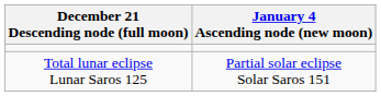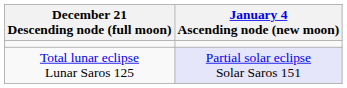 <table class="wikitable">
 <tr>
 <th>December 21<br>Descending node (full moon)<br></th>
 <th><a href='#'>January 4</a><br>Ascending node (new moon)<br></th>
 </tr>
 <tr>
 <td></td>
 <td></td>
 </tr>
 <tr align=center>
 <td><a href='#'>Total lunar eclipse</a><br>Lunar Saros 125</td>
-<td><a href='#'>Partial solar eclipse</a><br>Solar Saros 151</td>
+<td style="background: lavender;"><a href='#'>Partial solar eclipse</a><br>Solar Saros 151</td>
 </tr>
 </table>
